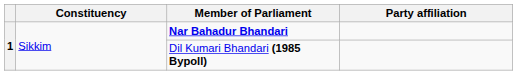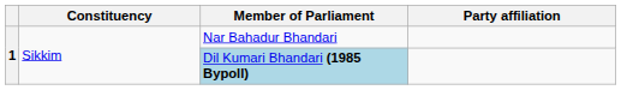 <table class="wikitable sortable">
 <tr style="text-align:center;">
 <th></th>
 <th style="width:13em">Constituency</th>
 <th style="width:15em">Member of Parliament</th>
 <th colspan="2" style="width:15em">Party affiliation</th>
 </tr>
 <tr>
 <th rowspan=2>1</th>
 <td rowspan=2><a href='#'>Sikkim</a></td>
-<td><strong><a href='#'>Nar Bahadur Bhandari</a></strong></td>
+<td><a href='#'>Nar Bahadur Bhandari</a></td>
 <td></td>
 </tr>
 <tr>
-<td><a href='#'>Dil Kumari Bhandari</a> <strong>(1985 Bypoll)</strong></td>
+<td style="background: lightblue;"><a href='#'>Dil Kumari Bhandari</a> <strong>(1985 Bypoll)</strong></td>
 <td></td>
 </tr>
 </table>
